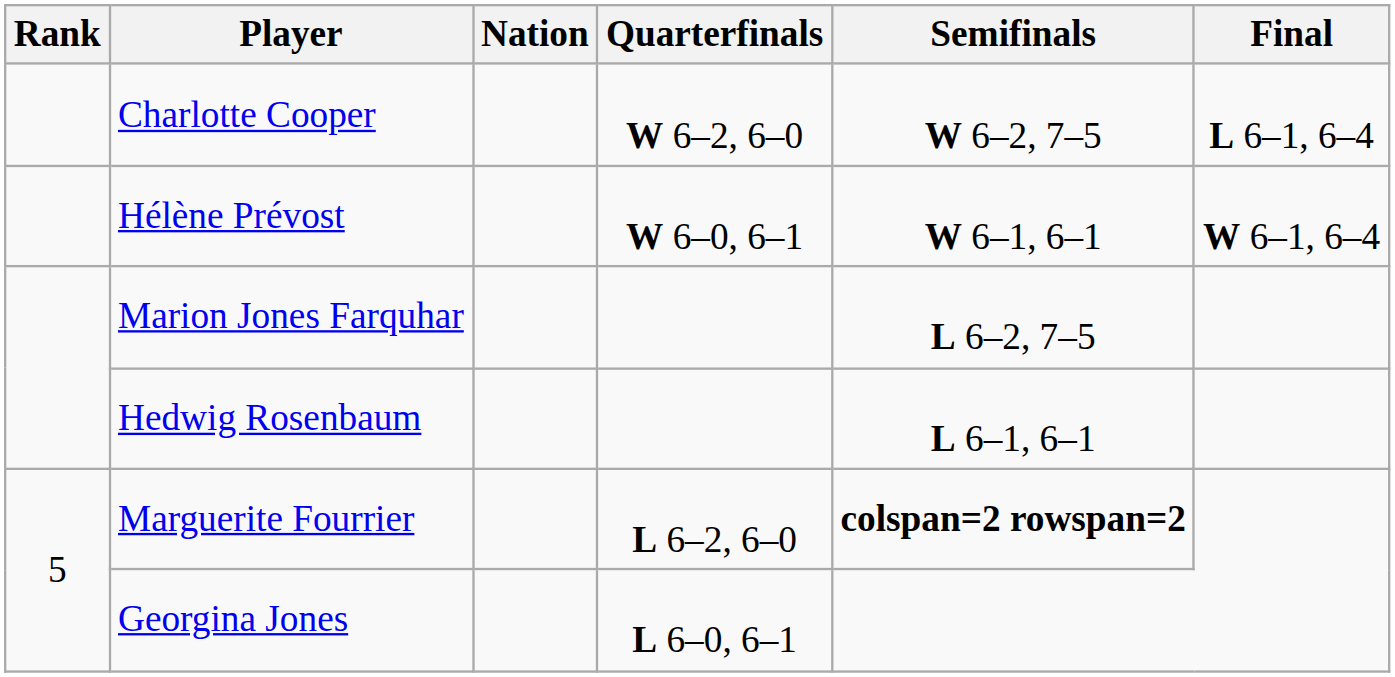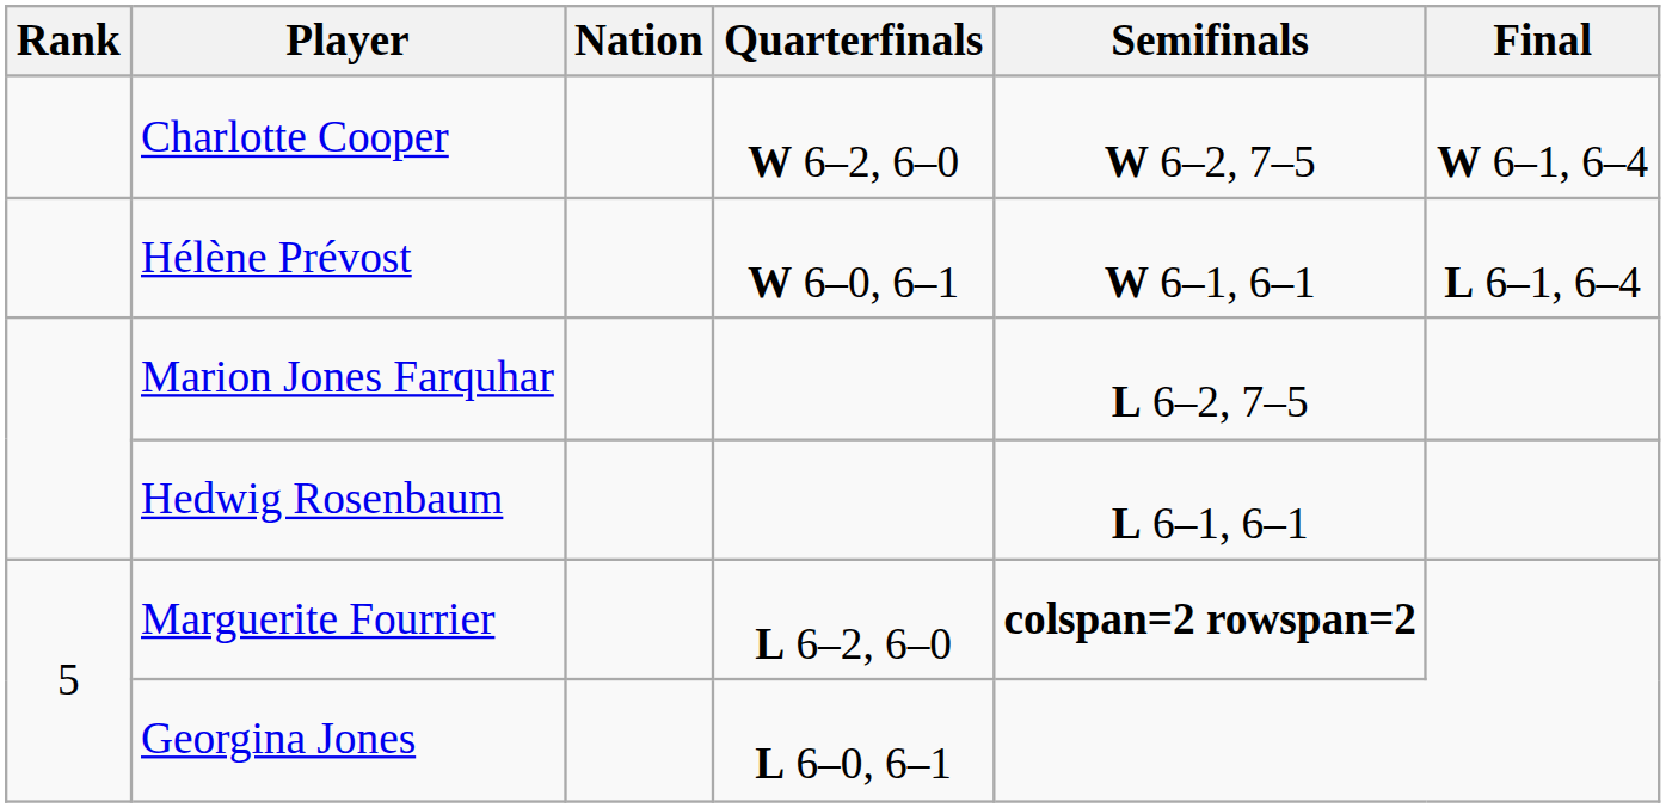 <table class="wikitable sortable" style="text-align:center">
 <tr>
 <th>Rank</th>
 <th>Player</th>
 <th>Nation</th>
 <th>Quarterfinals</th>
 <th>Semifinals</th>
 <th>Final</th>
 </tr>
 <tr>
 <td></td>
 <td align=left data-sort-value="Cooper, Charlotte"><a href='#'>Charlotte Cooper</a></td>
 <td align=left></td>
 <td> <br> <strong>W</strong> 6–2, 6–0</td>
 <td> <br> <strong>W</strong> 6–2, 7–5</td>
-<td> <br> <strong>L</strong> 6–1, 6–4</td>
+<td> <br> <strong>W</strong> 6–1, 6–4</td>
 </tr>
 <tr>
 <td></td>
 <td align=left data-sort-value="Prévost, Hélène"><a href='#'>Hélène Prévost</a></td>
 <td align=left></td>
 <td> <br> <strong>W</strong> 6–0, 6–1</td>
 <td> <br> <strong>W</strong> 6–1, 6–1</td>
-<td> <br> <strong>W</strong> 6–1, 6–4</td>
+<td> <br> <strong>L</strong> 6–1, 6–4</td>
 </tr>
 <tr>
 <td rowspan=2></td>
 <td align=left data-sort-value="Jones Farquhar, Marion"><a href='#'>Marion Jones Farquhar</a></td>
 <td align=left></td>
 <td></td>
 <td> <br> <strong>L</strong> 6–2, 7–5</td>
 <td></td>
 </tr>
 <tr>
 <td align=left data-sort-value="Rosenbaumová, Hedwiga"><a href='#'>Hedwig Rosenbaum</a></td>
 <td align=left></td>
 <td></td>
 <td> <br> <strong>L</strong> 6–1, 6–1</td>
 <td></td>
 </tr>
 <tr>
 <td rowspan=2>5</td>
 <td align=left data-sort-value="Fourrier, Marguerite"><a href='#'>Marguerite Fourrier</a></td>
 <td align=left></td>
 <td> <br> <strong>L</strong> 6–2, 6–0</td>
 <td><strong>colspan=2 rowspan=2 </strong></td>
 </tr>
 <tr>
 <td align=left data-sort-value="Jones, Georgina"><a href='#'>Georgina Jones</a></td>
 <td align=left></td>
 <td> <br> <strong>L</strong> 6–0, 6–1</td>
 </tr>
 </table>
